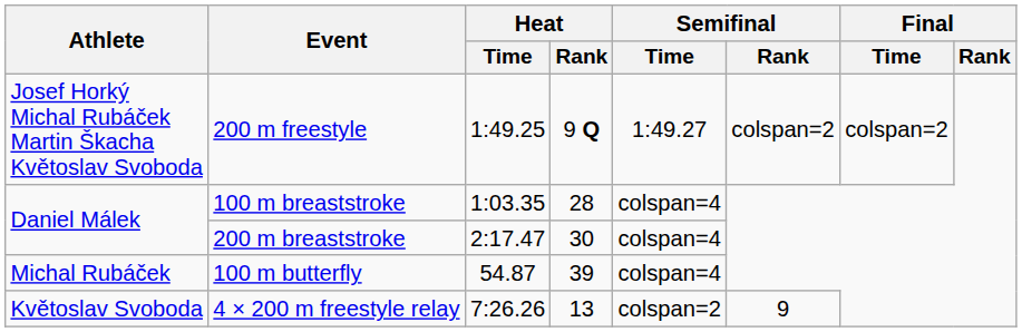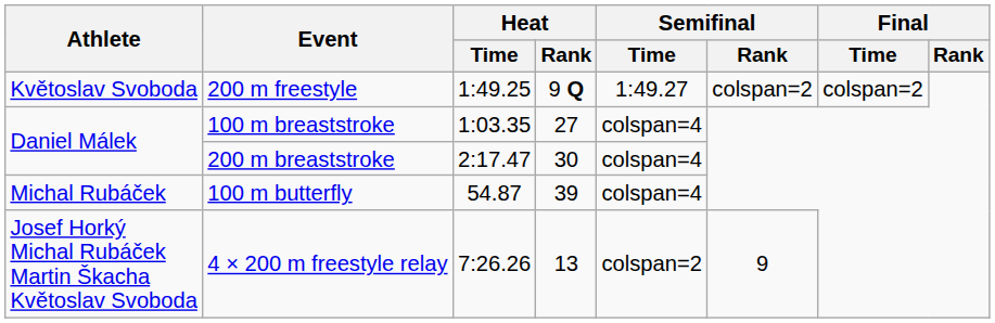 <table class=wikitable style="font-size:90%">
 <tr>
 <th rowspan="2">Athlete</th>
 <th rowspan="2">Event</th>
 <th colspan="2">Heat</th>
 <th colspan="2">Semifinal</th>
 <th colspan="2">Final</th>
 </tr>
 <tr style="font-size:95%">
 <th>Time</th>
 <th>Rank</th>
 <th>Time</th>
 <th>Rank</th>
 <th>Time</th>
 <th>Rank</th>
 </tr>
 <tr align=center>
-<td align=left><a href='#'>Josef Horký</a><br><a href='#'>Michal Rubáček</a><br><a href='#'>Martin Škacha</a><br><a href='#'>Květoslav Svoboda</a></td>
+<td align=left><a href='#'>Květoslav Svoboda</a></td>
 <td align=left><a href='#'>200 m freestyle</a></td>
 <td>1:49.25</td>
 <td>9 <strong>Q</strong></td>
 <td>1:49.27</td>
 <td>colspan=2 </td>
 <td>colspan=2 </td>
 </tr>
 <tr align=center>
 <td align=left rowspan=2><a href='#'>Daniel Málek</a></td>
 <td align=left><a href='#'>100 m breaststroke</a></td>
 <td>1:03.35</td>
-<td>28</td>
+<td>27</td>
 <td>colspan=4 </td>
 </tr>
 <tr align=center>
 <td align=left><a href='#'>200 m breaststroke</a></td>
 <td>2:17.47</td>
 <td>30</td>
 <td>colspan=4 </td>
 </tr>
 <tr align=center>
 <td align=left><a href='#'>Michal Rubáček</a></td>
 <td align=left><a href='#'>100 m butterfly</a></td>
 <td>54.87</td>
 <td>39</td>
 <td>colspan=4 </td>
 </tr>
 <tr align=center>
-<td align=left><a href='#'>Květoslav Svoboda</a></td>
+<td align=left><a href='#'>Josef Horký</a><br><a href='#'>Michal Rubáček</a><br><a href='#'>Martin Škacha</a><br><a href='#'>Květoslav Svoboda</a></td>
 <td align=left><a href='#'>4 × 200 m freestyle relay</a></td>
 <td>7:26.26</td>
 <td>13</td>
 <td>colspan=2 </td>
 <td>9</td>
 </tr>
 </table>
